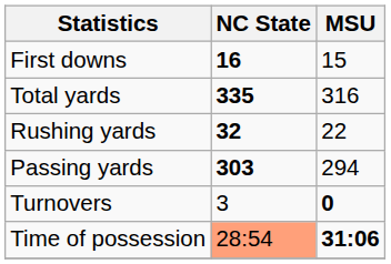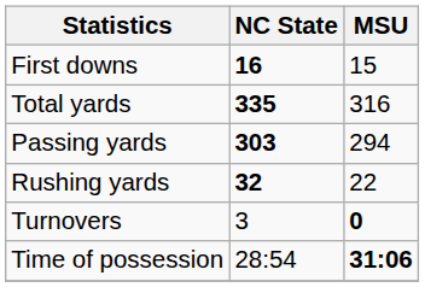 <table class="wikitable" style="float: left;">
 <tr>
 <th>Statistics</th>
 <th>NC State</th>
 <th>MSU</th>
 </tr>
 <tr>
 <td>First downs</td>
 <td><strong>16</strong></td>
 <td>15</td>
 </tr>
 <tr>
 <td>Total yards</td>
 <td><strong>335</strong></td>
 <td>316</td>
 </tr>
 <tr>
+<td>Passing yards</td>
+<td><strong>303</strong></td>
+<td>294</td>
+</tr>
+<tr>
 <td>Rushing yards</td>
 <td><strong>32</strong></td>
 <td>22</td>
-</tr>
-<tr>
-<td>Passing yards</td>
-<td><strong>303</strong></td>
-<td>294</td>
 </tr>
 <tr>
 <td>Turnovers</td>
 <td>3</td>
 <td><strong>0</strong></td>
 </tr>
 <tr>
 <td>Time of possession</td>
-<td style="background: lightsalmon;">28:54</td>
+<td>28:54</td>
 <td><strong>31:06</strong></td>
 </tr>
 <tr>
 </tr>
 </table>
